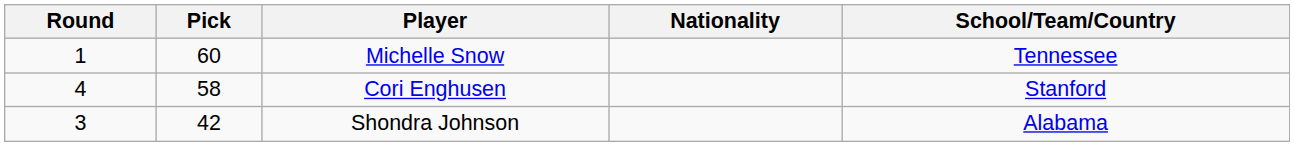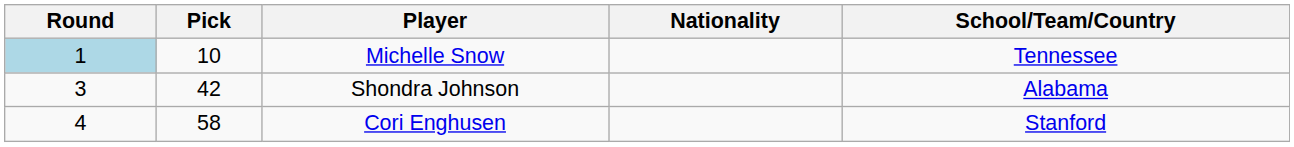 <table class="wikitable" style="text-align:center; width:60em">
 <tr>
 <th>Round</th>
 <th>Pick</th>
 <th>Player</th>
 <th>Nationality</th>
 <th>School/Team/Country</th>
 </tr>
 <tr>
-<td>1</td>
-<td>60</td>
+<td style="background: lightblue;">1</td>
+<td>10</td>
 <td><a href='#'>Michelle Snow</a></td>
 <td></td>
 <td><a href='#'>Tennessee</a></td>
+</tr>
+<tr>
+<td>3</td>
+<td>42</td>
+<td>Shondra Johnson</td>
+<td></td>
+<td><a href='#'>Alabama</a></td>
 </tr>
 <tr>
 <td>4</td>
 <td>58</td>
 <td><a href='#'>Cori Enghusen</a></td>
 <td></td>
 <td><a href='#'>Stanford</a></td>
 </tr>
-<tr>
-<td>3</td>
-<td>42</td>
-<td>Shondra Johnson</td>
-<td></td>
-<td><a href='#'>Alabama</a></td>
-</tr>
 </table>
